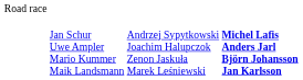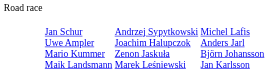 <table>
 <tr>
 <td>Road race<br></td>
 <td></td>
 <td></td>
 <td></td>
 </tr>
 <tr valign="top">
 <td><br></td>
 <td><br><a href='#'>Jan Schur</a><br><a href='#'>Uwe Ampler</a><br><a href='#'>Mario Kummer</a><br><a href='#'>Maik Landsmann</a></td>
 <td><br><a href='#'>Andrzej Sypytkowski</a><br><a href='#'>Joachim Halupczok</a><br><a href='#'>Zenon Jaskuła</a><br><a href='#'>Marek Leśniewski</a></td>
-<td><strong><br><a href='#'>Michel Lafis</a><br><a href='#'>Anders Jarl</a><br><a href='#'>Björn Johansson</a><br><a href='#'>Jan Karlsson</a></strong></td>
+<td><br><a href='#'>Michel Lafis</a><br><a href='#'>Anders Jarl</a><br><a href='#'>Björn Johansson</a><br><a href='#'>Jan Karlsson</a></td>
 </tr>
 </table>
